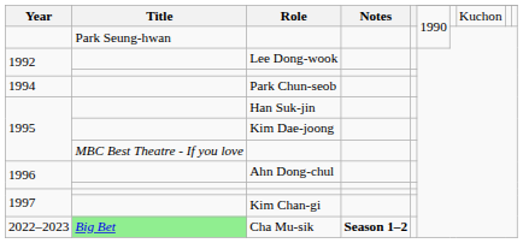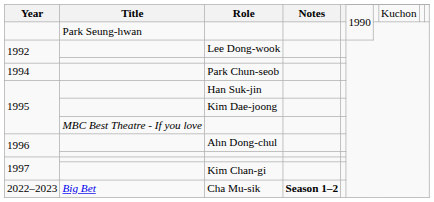 <table class="wikitable sortable plainrowheaders" style="clear:none; font-size:100%; padding:0 auto">
 <tr>
 <th rowspan="2" scope="col">Year</th>
 <th rowspan="2" scope="col">Title</th>
 <th rowspan="2" scope="col">Role</th>
 <th rowspan="2" scope="col" class="unsortable">Notes</th>
 <th rowspan="2" scope="col" class="unsortable"></th>
 </tr>
 <tr>
 <td rowspan="2">1990</td>
 <td><em> </em></td>
 <td>Kuchon</td>
 <td></td>
 <td></td>
 </tr>
 <tr>
 <td><em></em></td>
 <td>Park Seung-hwan</td>
 <td></td>
 <td></td>
 </tr>
 <tr>
 <td rowspan=2>1992</td>
 <td><em></em></td>
 <td>Lee Dong-wook</td>
 <td></td>
 <td></td>
 </tr>
 <tr>
 <td><em></em></td>
 <td></td>
 <td></td>
 <td></td>
 </tr>
 <tr>
 <td>1994</td>
 <td><em></em></td>
 <td>Park Chun-seob</td>
 <td></td>
 <td></td>
 </tr>
 <tr>
 <td rowspan=3>1995</td>
 <td><em></em></td>
 <td>Han Suk-jin</td>
 <td></td>
 <td></td>
 </tr>
 <tr>
 <td><em></em></td>
 <td>Kim Dae-joong</td>
 <td></td>
 <td></td>
 </tr>
 <tr>
 <td><em>MBC Best Theatre - If you love</em></td>
 <td></td>
 <td></td>
 <td></td>
 </tr>
 <tr>
 <td rowspan=2>1996</td>
 <td><em></em></td>
 <td>Ahn Dong-chul</td>
 <td></td>
 <td></td>
 </tr>
 <tr>
 <td><em></em></td>
 <td></td>
 <td></td>
 <td></td>
 </tr>
 <tr>
 <td rowspan=2>1997</td>
 <td><em></em></td>
 <td></td>
 <td></td>
 <td></td>
 </tr>
 <tr>
 <td><em></em></td>
 <td>Kim Chan-gi</td>
 <td></td>
 <td></td>
 </tr>
 <tr>
 <td>2022–2023</td>
-<td style="background: lightgreen;"><em><a href='#'>Big Bet</a></em></td>
+<td><em><a href='#'>Big Bet</a></em></td>
 <td>Cha Mu-sik</td>
 <td><strong>Season 1–2</strong></td>
 <td style="text-align:center;"></td>
 </tr>
 </table>
